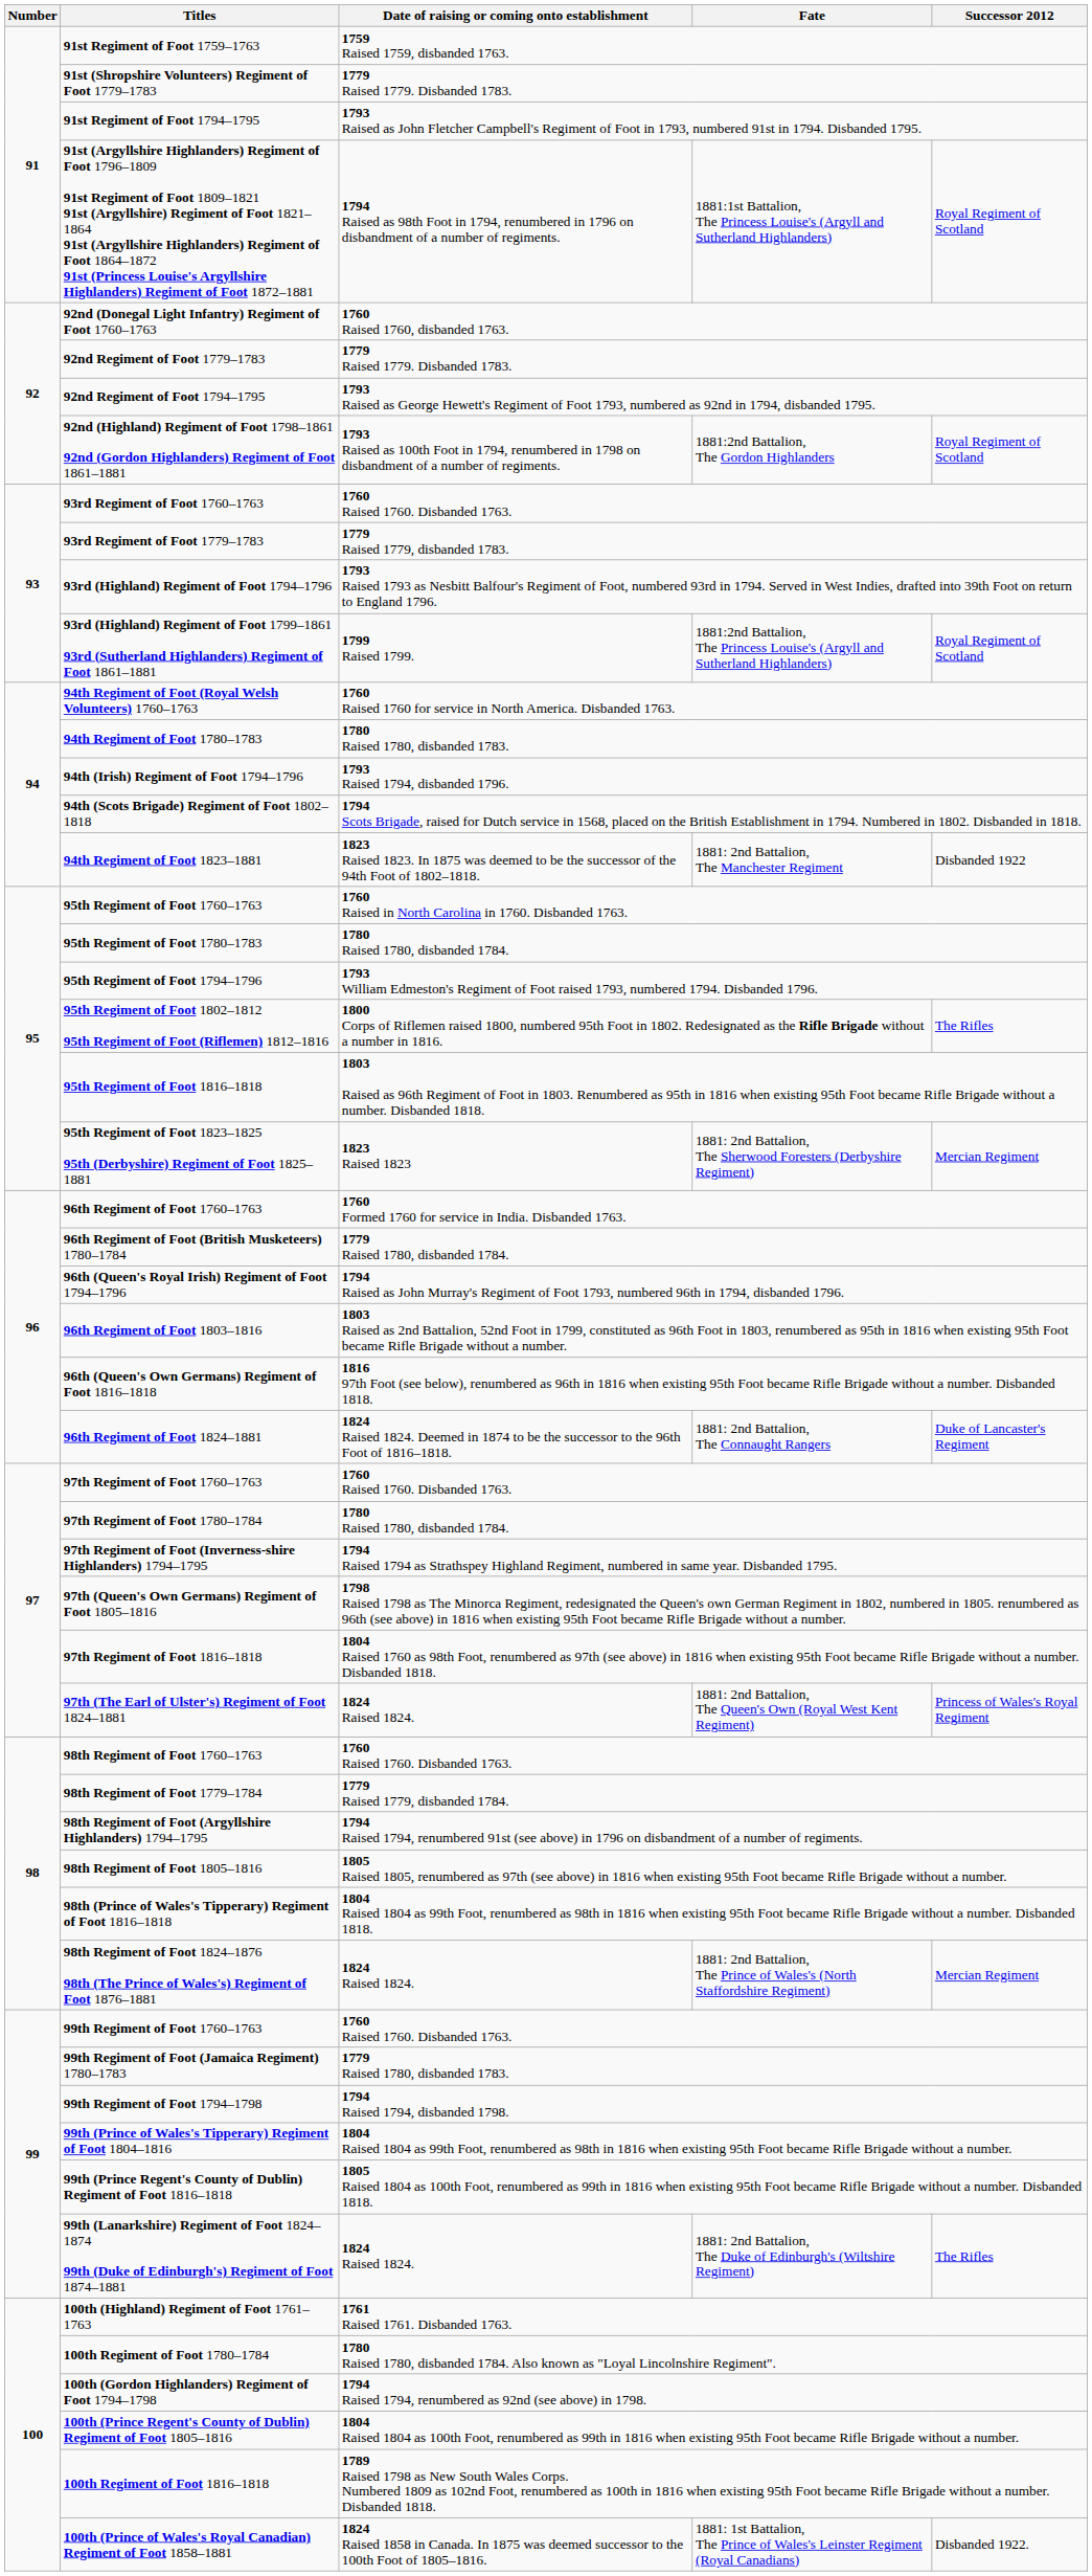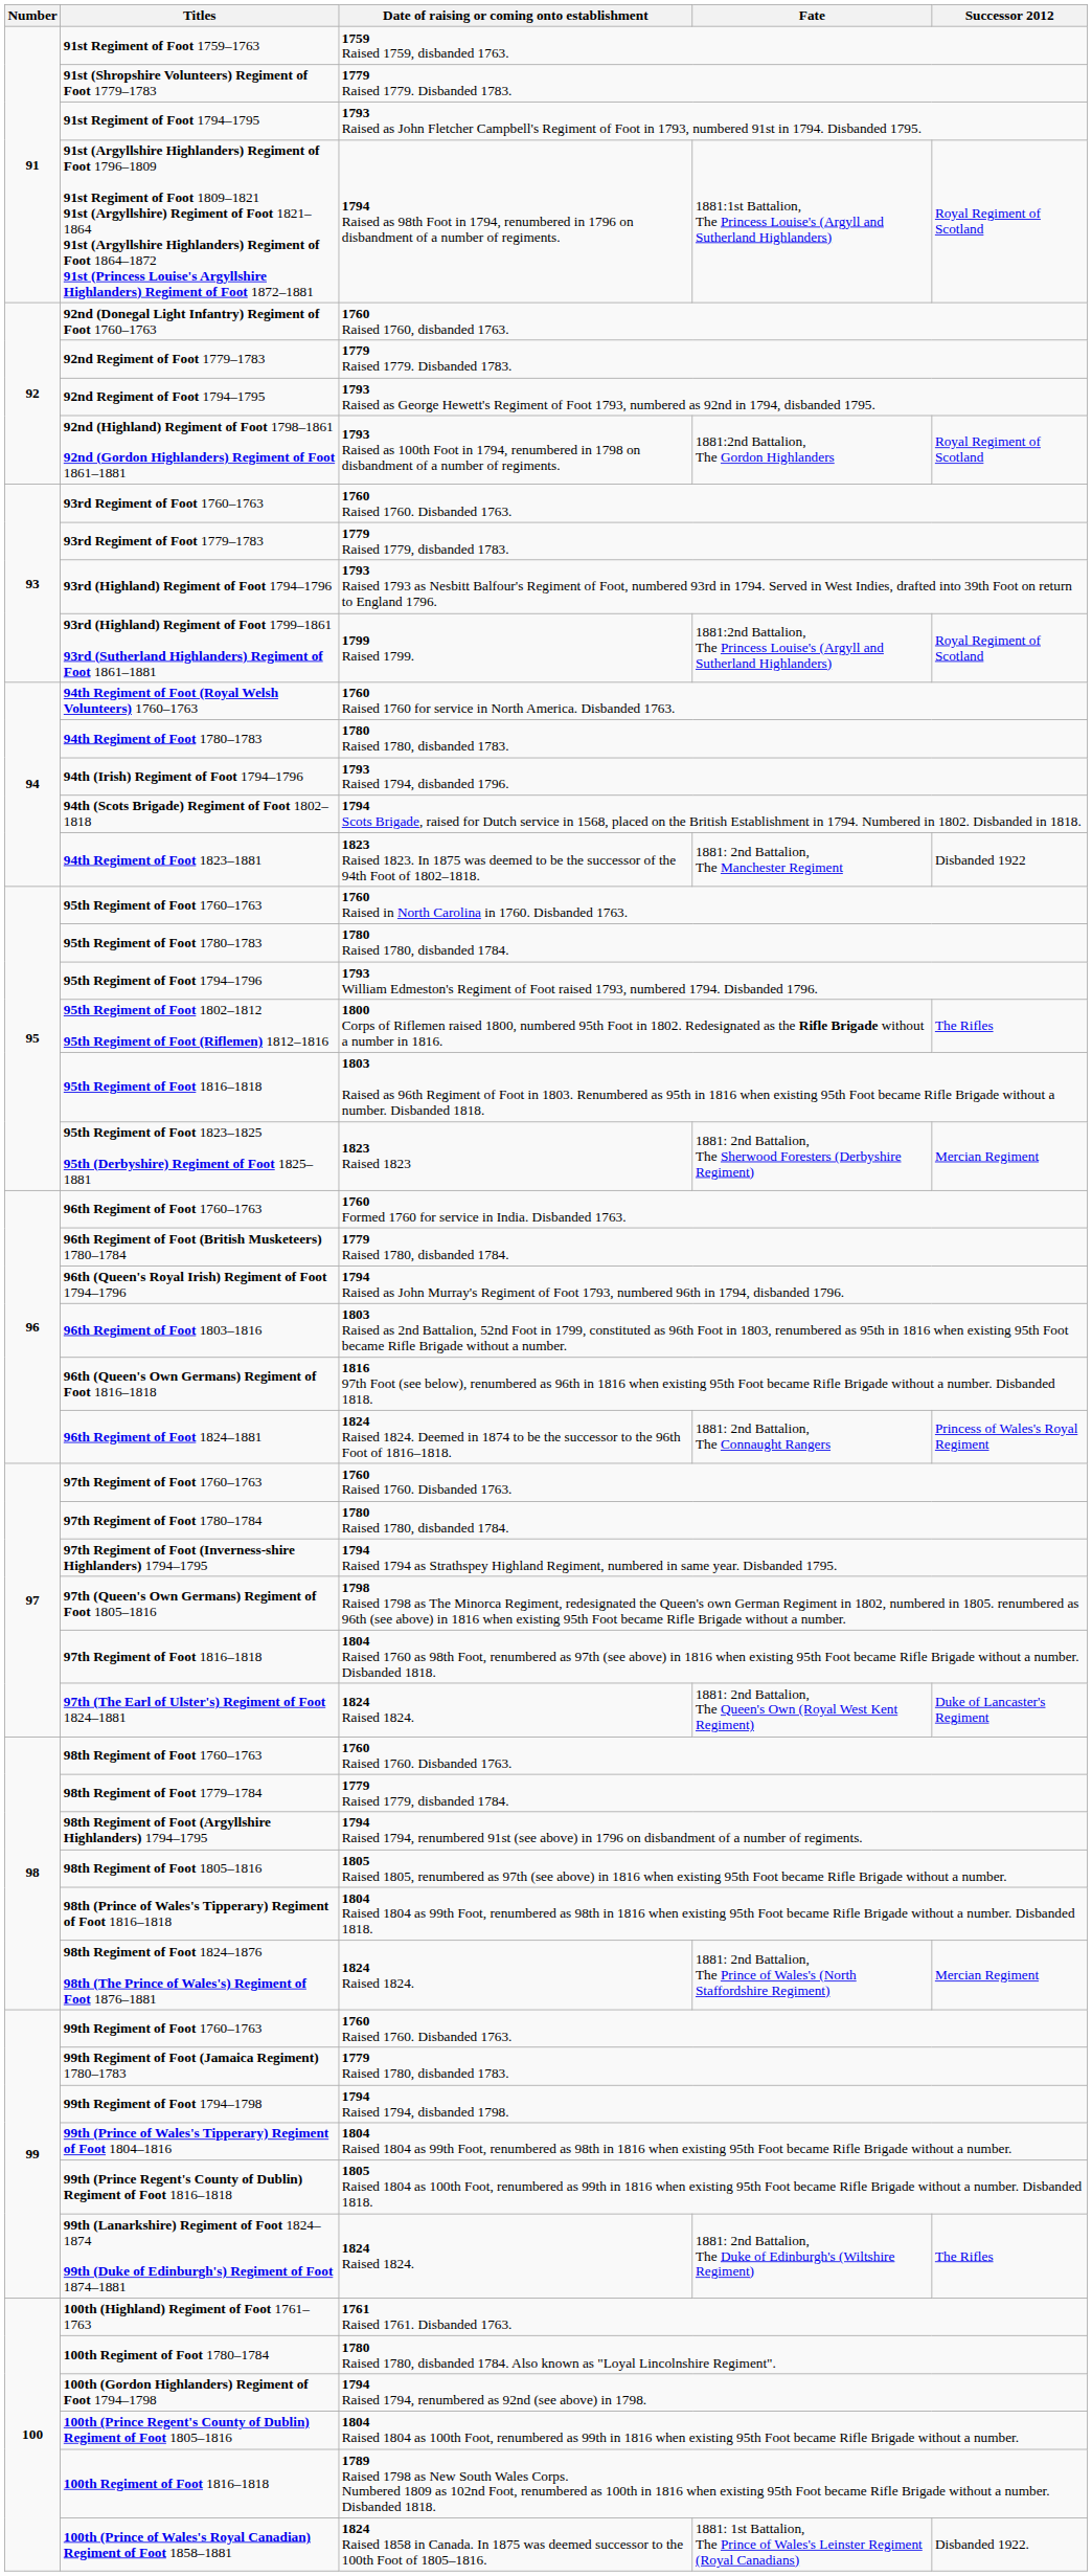 <table class="wikitable">
 <tr>
 <th>Number</th>
 <th>Titles</th>
 <th>Date of raising or coming onto establishment</th>
 <th>Fate</th>
 <th>Successor 2012</th>
 </tr>
 <tr>
 <td align=center valign=middle rowspan="4"><strong>91</strong></td>
 <td><strong>91st Regiment of Foot</strong> 1759–1763</td>
 <td colspan="3"><strong>1759</strong><br>Raised 1759, disbanded 1763.</td>
 </tr>
 <tr>
 <td><strong>91st (Shropshire Volunteers) Regiment of Foot</strong> 1779–1783</td>
 <td colspan="3"><strong>1779</strong><br>Raised 1779. Disbanded 1783.</td>
 </tr>
 <tr>
 <td><strong>91st Regiment of Foot</strong> 1794–1795</td>
 <td colspan="3"><strong>1793</strong><br>Raised as John Fletcher Campbell's Regiment of Foot in 1793, numbered 91st in 1794. Disbanded 1795.</td>
 </tr>
 <tr>
 <td><strong>91st (Argyllshire Highlanders) Regiment of Foot</strong> 1796–1809<br><br><strong>91st Regiment of Foot</strong> 1809–1821<br> <strong>91st (Argyllshire) Regiment of Foot</strong> 1821–1864<br> <strong>91st (Argyllshire Highlanders) Regiment of Foot</strong> 1864–1872<br> <strong><a href='#'>91st (Princess Louise's Argyllshire Highlanders) Regiment of Foot</a></strong> 1872–1881</td>
 <td><strong>1794</strong><br>Raised as 98th Foot in 1794, renumbered in 1796 on disbandment of a number of regiments.</td>
 <td>1881:1st Battalion,<br>The <a href='#'>Princess Louise's (Argyll and Sutherland Highlanders)</a></td>
 <td><a href='#'>Royal Regiment of Scotland</a></td>
 </tr>
 <tr>
 <td align=center valign=middle rowspan="4"><strong>92</strong></td>
 <td><strong>92nd (Donegal Light Infantry) Regiment of Foot</strong> 1760–1763</td>
 <td colspan="3"><strong>1760</strong><br>Raised 1760, disbanded 1763.</td>
 </tr>
 <tr>
 <td><strong>92nd Regiment of Foot</strong> 1779–1783</td>
 <td colspan="3"><strong>1779</strong><br>Raised 1779. Disbanded 1783.</td>
 </tr>
 <tr>
 <td><strong>92nd Regiment of Foot</strong> 1794–1795</td>
 <td colspan="3"><strong>1793</strong><br>Raised as George Hewett's Regiment of Foot 1793, numbered as 92nd in 1794, disbanded 1795.</td>
 </tr>
 <tr>
 <td><strong>92nd (Highland) Regiment of Foot</strong> 1798–1861<br><br><strong><a href='#'>92nd (Gordon Highlanders) Regiment of Foot</a></strong> 1861–1881</td>
 <td><strong>1793</strong><br>Raised as 100th Foot in 1794, renumbered in 1798 on disbandment of a number of regiments.</td>
 <td>1881:2nd Battalion,<br>The <a href='#'>Gordon Highlanders</a></td>
 <td><a href='#'>Royal Regiment of Scotland</a></td>
 </tr>
 <tr>
 <td align=center valign=middle rowspan="4"><strong>93</strong></td>
 <td><strong>93rd Regiment of Foot</strong> 1760–1763</td>
 <td colspan="3"><strong>1760</strong><br>Raised 1760. Disbanded 1763.</td>
 </tr>
 <tr>
 <td><strong>93rd Regiment of Foot</strong> 1779–1783</td>
 <td colspan="3"><strong>1779</strong><br>Raised 1779, disbanded 1783.</td>
 </tr>
 <tr>
 <td><strong>93rd (Highland) Regiment of Foot</strong> 1794–1796</td>
 <td colspan="3"><strong>1793</strong><br>Raised 1793 as Nesbitt Balfour's Regiment of Foot, numbered 93rd in 1794. Served in West Indies, drafted into 39th Foot on return to England 1796.</td>
 </tr>
 <tr>
 <td><strong>93rd (Highland) Regiment of Foot</strong> 1799–1861<br><br><strong><a href='#'>93rd (Sutherland Highlanders) Regiment of Foot</a></strong> 1861–1881</td>
 <td><strong>1799</strong><br>Raised 1799.</td>
 <td>1881:2nd Battalion,<br>The <a href='#'>Princess Louise's (Argyll and Sutherland Highlanders)</a></td>
 <td><a href='#'>Royal Regiment of Scotland</a></td>
 </tr>
 <tr>
 <td align=center valign=middle rowspan="5"><strong>94</strong></td>
 <td><strong><a href='#'>94th Regiment of Foot (Royal Welsh Volunteers)</a></strong> 1760–1763</td>
 <td colspan="3"><strong>1760</strong><br>Raised 1760 for service in North America. Disbanded 1763.</td>
 </tr>
 <tr>
 <td><strong><a href='#'>94th Regiment of Foot</a></strong> 1780–1783</td>
 <td colspan="3"><strong>1780</strong><br>Raised 1780, disbanded 1783.</td>
 </tr>
 <tr>
 <td><strong>94th (Irish) Regiment of Foot</strong> 1794–1796</td>
 <td colspan="3"><strong>1793</strong><br>Raised 1794, disbanded 1796.</td>
 </tr>
 <tr>
 <td><strong>94th (Scots Brigade) Regiment of Foot</strong> 1802–1818</td>
 <td colspan="3"><strong>1794</strong><br><a href='#'>Scots Brigade</a>, raised for Dutch service in 1568, placed on the British Establishment in 1794. Numbered in 1802. Disbanded in 1818.</td>
 </tr>
 <tr>
 <td><strong><a href='#'>94th Regiment of Foot</a></strong> 1823–1881</td>
 <td><strong>1823</strong><br>Raised 1823. In 1875 was deemed to be the successor of the 94th Foot of 1802–1818.</td>
 <td>1881: 2nd Battalion,<br> The <a href='#'>Manchester Regiment</a></td>
 <td>Disbanded 1922</td>
 </tr>
 <tr>
 <td align=center valign=middle rowspan="6"><strong>95</strong></td>
 <td><strong>95th Regiment of Foot</strong> 1760–1763</td>
 <td colspan="3"><strong>1760</strong><br>Raised in <a href='#'>North Carolina</a> in 1760. Disbanded 1763.</td>
 </tr>
 <tr>
 <td><strong>95th Regiment of Foot</strong> 1780–1783</td>
 <td colspan="3"><strong>1780</strong><br>Raised 1780, disbanded 1784.</td>
 </tr>
 <tr>
 <td><strong>95th Regiment of Foot</strong> 1794–1796</td>
 <td colspan="3"><strong>1793</strong><br>William Edmeston's Regiment of Foot raised 1793, numbered 1794. Disbanded 1796.</td>
 </tr>
 <tr>
 <td><strong><a href='#'>95th Regiment of Foot</a></strong> 1802–1812<br><br><strong><a href='#'>95th Regiment of Foot (Riflemen)</a></strong> 1812–1816</td>
 <td colspan="2"><strong>1800</strong><br>Corps of Riflemen raised 1800, numbered 95th Foot in 1802. Redesignated as the <strong>Rifle Brigade</strong> without a number in 1816.</td>
 <td><a href='#'>The Rifles</a></td>
 </tr>
 <tr>
 <td><strong><a href='#'>95th Regiment of Foot</a></strong> 1816–1818</td>
 <td colspan="3"><strong>1803</strong><br><br>Raised as 96th Regiment of Foot in 1803. Renumbered as 95th in 1816 when existing 95th Foot became Rifle Brigade without a number. Disbanded 1818.</td>
 </tr>
 <tr>
 <td><strong>95th Regiment of Foot</strong> 1823–1825<br><br><strong><a href='#'>95th (Derbyshire) Regiment of Foot</a></strong> 1825–1881</td>
 <td><strong>1823</strong><br>Raised 1823</td>
 <td>1881: 2nd Battalion,<br> The <a href='#'>Sherwood Foresters (Derbyshire Regiment)</a></td>
 <td><a href='#'>Mercian Regiment</a></td>
 </tr>
 <tr>
 <td align=center valign=middle rowspan="6"><strong>96</strong></td>
 <td><strong>96th Regiment of Foot</strong> 1760–1763</td>
 <td colspan="3"><strong>1760</strong><br>Formed 1760 for service in India. Disbanded 1763.</td>
 </tr>
 <tr>
 <td><strong>96th Regiment of Foot (British Musketeers)</strong> 1780–1784</td>
 <td colspan="3"><strong>1779</strong><br>Raised 1780, disbanded 1784.</td>
 </tr>
 <tr>
 <td><strong>96th (Queen's Royal Irish) Regiment of Foot</strong> 1794–1796</td>
 <td colspan="3"><strong>1794</strong><br> Raised as John Murray's Regiment of Foot 1793, numbered 96th in 1794, disbanded 1796.</td>
 </tr>
 <tr>
 <td><strong><a href='#'>96th Regiment of Foot</a></strong> 1803–1816</td>
 <td colspan="3"><strong>1803</strong><br> Raised as 2nd Battalion, 52nd Foot in 1799, constituted as 96th Foot in 1803, renumbered as 95th in 1816 when existing 95th Foot became Rifle Brigade without a number.</td>
 </tr>
 <tr>
 <td><strong>96th (Queen's Own Germans) Regiment of Foot</strong> 1816–1818</td>
 <td colspan="3"><strong>1816</strong><br> 97th Foot (see below), renumbered as 96th in 1816 when existing 95th Foot became Rifle Brigade without a number. Disbanded 1818.</td>
 </tr>
 <tr>
 <td><strong><a href='#'>96th Regiment of Foot</a></strong>  1824–1881</td>
 <td><strong>1824</strong><br>Raised 1824. Deemed in 1874 to be the successor to the 96th Foot of 1816–1818.</td>
 <td>1881: 2nd Battalion,<br>The <a href='#'>Connaught Rangers</a></td>
-<td><a href='#'>Duke of Lancaster's Regiment</a></td>
+<td><a href='#'>Princess of Wales's Royal Regiment</a></td>
 </tr>
 <tr>
 <td align=center valign=middle rowspan="6"><strong>97</strong></td>
 <td><strong>97th Regiment of Foot</strong> 1760–1763</td>
 <td colspan="3"><strong>1760</strong><br>Raised 1760. Disbanded 1763.</td>
 </tr>
 <tr>
 <td><strong>97th Regiment of Foot </strong>1780–1784<br></td>
 <td colspan="3"><strong>1780</strong><br>Raised 1780, disbanded 1784.</td>
 </tr>
 <tr>
 <td><strong>97th Regiment of Foot (Inverness-shire Highlanders)</strong> 1794–1795</td>
 <td colspan="3"><strong>1794</strong><br>Raised 1794 as Strathspey Highland Regiment, numbered in same year. Disbanded 1795.</td>
 </tr>
 <tr>
 <td><strong>97th (Queen's Own Germans) Regiment of Foot </strong>1805–1816<br></td>
 <td colspan="3"><strong>1798</strong><br>Raised 1798 as The Minorca Regiment, redesignated the Queen's own German Regiment in 1802, numbered in 1805. renumbered as 96th (see above) in 1816 when existing 95th Foot became Rifle Brigade without a number.</td>
 </tr>
 <tr>
 <td><strong>97th Regiment of Foot</strong> 1816–1818</td>
 <td colspan="3"><strong>1804</strong><br>Raised 1760 as 98th Foot, renumbered as 97th (see above) in 1816 when existing 95th Foot became Rifle Brigade without a number. Disbanded 1818.</td>
 </tr>
 <tr>
 <td><strong><a href='#'>97th (The Earl of Ulster's) Regiment of Foot</a></strong> 1824–1881<br></td>
 <td><strong>1824</strong><br>Raised 1824.</td>
 <td>1881: 2nd Battalion,<br>The <a href='#'>Queen's Own (Royal West Kent Regiment)</a></td>
-<td><a href='#'>Princess of Wales's Royal Regiment</a></td>
+<td><a href='#'>Duke of Lancaster's Regiment</a></td>
 </tr>
 <tr>
 <td align=center valign=middle rowspan="6"><strong>98</strong></td>
 <td><strong>98th Regiment of Foot</strong> 1760–1763</td>
 <td colspan="3"><strong>1760</strong><br>Raised 1760. Disbanded 1763.</td>
 </tr>
 <tr>
 <td><strong>98th Regiment of Foot </strong>1779–1784<br></td>
 <td colspan="3"><strong>1779</strong><br>Raised 1779, disbanded 1784.</td>
 </tr>
 <tr>
 <td><strong>98th Regiment of Foot (Argyllshire Highlanders)</strong> 1794–1795</td>
 <td colspan="3"><strong>1794</strong><br>Raised 1794, renumbered 91st (see above) in 1796 on disbandment of a number of regiments.</td>
 </tr>
 <tr>
 <td><strong>98th Regiment of Foot </strong>1805–1816</td>
 <td colspan="3"><strong>1805</strong><br>Raised 1805, renumbered as 97th (see above) in 1816 when existing 95th Foot became Rifle Brigade without a number.</td>
 </tr>
 <tr>
 <td><strong>98th (Prince of Wales's Tipperary) Regiment of Foot</strong> 1816–1818</td>
 <td colspan="3"><strong>1804</strong><br>Raised 1804 as 99th Foot, renumbered as 98th in 1816 when existing 95th Foot became Rifle Brigade without a number. Disbanded 1818.</td>
 </tr>
 <tr>
 <td><strong>98th Regiment of Foot</strong> 1824–1876<br><br><strong><a href='#'>98th (The Prince of Wales's) Regiment of Foot</a></strong> 1876–1881</td>
 <td><strong>1824</strong><br>Raised 1824.</td>
 <td>1881: 2nd Battalion,<br>The <a href='#'>Prince of Wales's (North Staffordshire Regiment)</a></td>
 <td><a href='#'>Mercian Regiment</a></td>
 </tr>
 <tr>
 <td align=center valign=middle rowspan="6"><strong>99</strong></td>
 <td><strong>99th Regiment of Foot</strong> 1760–1763</td>
 <td colspan="3"><strong>1760</strong><br>Raised 1760. Disbanded 1763.</td>
 </tr>
 <tr>
 <td><strong>99th Regiment of Foot (Jamaica Regiment)</strong> 1780–1783<br></td>
 <td colspan="3"><strong>1779</strong><br>Raised 1780, disbanded 1783.</td>
 </tr>
 <tr>
 <td><strong>99th Regiment of Foot</strong> 1794–1798</td>
 <td colspan="3"><strong>1794</strong><br>Raised 1794, disbanded 1798.</td>
 </tr>
 <tr>
 <td><strong><a href='#'>99th (Prince of Wales's Tipperary) Regiment of Foot</a> </strong>1804–1816</td>
 <td colspan="3"><strong>1804</strong><br>Raised 1804 as 99th Foot, renumbered as 98th in 1816 when existing 95th Foot became Rifle Brigade without a number.</td>
 </tr>
 <tr>
 <td><strong>99th (Prince Regent's County of Dublin) Regiment of Foot</strong> 1816–1818</td>
 <td colspan="3"><strong>1805</strong><br>Raised 1804 as 100th Foot, renumbered as 99th in 1816 when existing 95th Foot became Rifle Brigade without a number. Disbanded 1818.</td>
 </tr>
 <tr>
 <td><strong>99th (Lanarkshire) Regiment of Foot</strong> 1824–1874<br><br><strong><a href='#'>99th (Duke of Edinburgh's) Regiment of Foot</a></strong> 1874–1881</td>
 <td><strong>1824</strong><br>Raised 1824.</td>
 <td>1881: 2nd Battalion,<br>The <a href='#'>Duke of Edinburgh's (Wiltshire Regiment)</a></td>
 <td><a href='#'>The Rifles</a></td>
 </tr>
 <tr>
 <td align=center valign=middle rowspan="6"><strong>100</strong></td>
 <td><strong>100th (Highland) Regiment of Foot</strong> 1761–1763</td>
 <td colspan="3"><strong>1761</strong><br>Raised 1761. Disbanded 1763.</td>
 </tr>
 <tr>
 <td><strong>100th Regiment of Foot</strong> 1780–1784<br></td>
 <td colspan="3"><strong>1780</strong><br>Raised 1780, disbanded 1784. Also known as "Loyal Lincolnshire Regiment".</td>
 </tr>
 <tr>
 <td><strong>100th (Gordon Highlanders) Regiment of Foot</strong> 1794–1798</td>
 <td colspan="3"><strong>1794</strong><br>Raised 1794, renumbered as 92nd (see above) in 1798.</td>
 </tr>
 <tr>
 <td><strong><a href='#'>100th (Prince Regent's County of Dublin) Regiment of Foot</a> </strong>1805–1816</td>
 <td colspan="3"><strong>1804</strong><br>Raised 1804 as 100th Foot, renumbered as 99th in 1816 when existing 95th Foot became Rifle Brigade without a number.</td>
 </tr>
 <tr>
 <td><strong><a href='#'>100th Regiment of Foot</a></strong> 1816–1818</td>
 <td colspan="3"><strong>1789</strong><br>Raised 1798 as New South Wales Corps.<br>Numbered 1809 as 102nd Foot, renumbered as 100th in 1816 when existing 95th Foot became Rifle Brigade without a number. Disbanded 1818.</td>
 </tr>
 <tr>
 <td><strong><a href='#'>100th (Prince of Wales's Royal Canadian) Regiment of Foot</a></strong> 1858–1881</td>
 <td><strong>1824</strong><br>Raised 1858 in Canada. In 1875 was deemed successor to the 100th Foot of 1805–1816.</td>
 <td>1881: 1st Battalion,<br>The <a href='#'>Prince of Wales's Leinster Regiment (Royal Canadians)</a></td>
 <td>Disbanded 1922.</td>
 </tr>
 </table>
